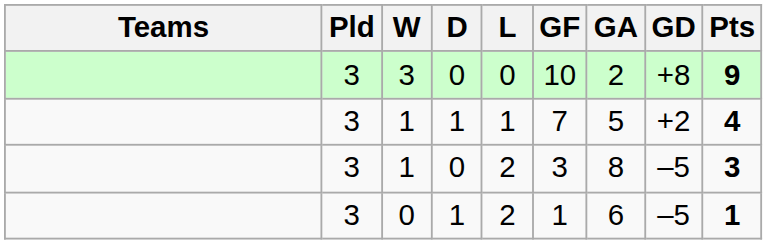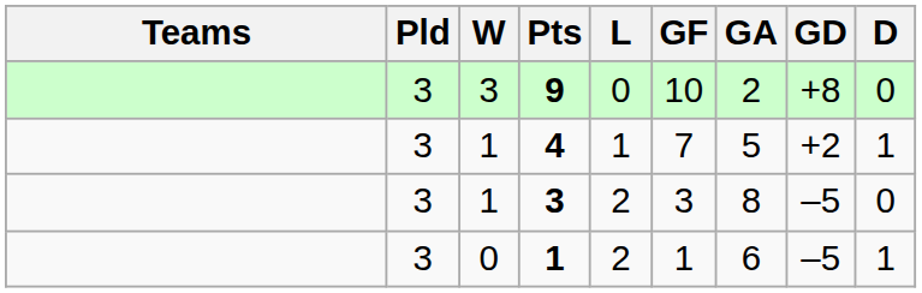 <table class="wikitable" style="text-align: center;">
 <tr>
 <th width=165>Teams</th>
 <th width=20>Pld</th>
 <th width=20>W</th>
-<th width=20>D</th>
+<th width=20>Pts</th>
 <th width=20>L</th>
 <th width=20>GF</th>
 <th width=20>GA</th>
 <th width=20>GD</th>
-<th width=20>Pts</th>
+<th width=20>D</th>
 </tr>
 <tr align=center style="background:#ccffcc;">
 <td style="text-align:left;"></td>
 <td>3</td>
 <td>3</td>
-<td>0</td>
+<td><strong>9</strong></td>
 <td>0</td>
 <td>10</td>
 <td>2</td>
 <td>+8</td>
-<td><strong>9</strong></td>
+<td>0</td>
 </tr>
 <tr align=center>
 <td style="text-align:left;"></td>
 <td>3</td>
 <td>1</td>
-<td>1</td>
+<td><strong>4</strong></td>
 <td>1</td>
 <td>7</td>
 <td>5</td>
 <td>+2</td>
-<td><strong>4</strong></td>
+<td>1</td>
 </tr>
 <tr align=center>
 <td style="text-align:left;"></td>
 <td>3</td>
 <td>1</td>
-<td>0</td>
+<td><strong>3</strong></td>
 <td>2</td>
 <td>3</td>
 <td>8</td>
 <td>–5</td>
-<td><strong>3</strong></td>
+<td>0</td>
 </tr>
 <tr align=center>
 <td style="text-align:left;"></td>
 <td>3</td>
 <td>0</td>
-<td>1</td>
+<td><strong>1</strong></td>
 <td>2</td>
 <td>1</td>
 <td>6</td>
 <td>–5</td>
-<td><strong>1</strong></td>
+<td>1</td>
 </tr>
 </table>
